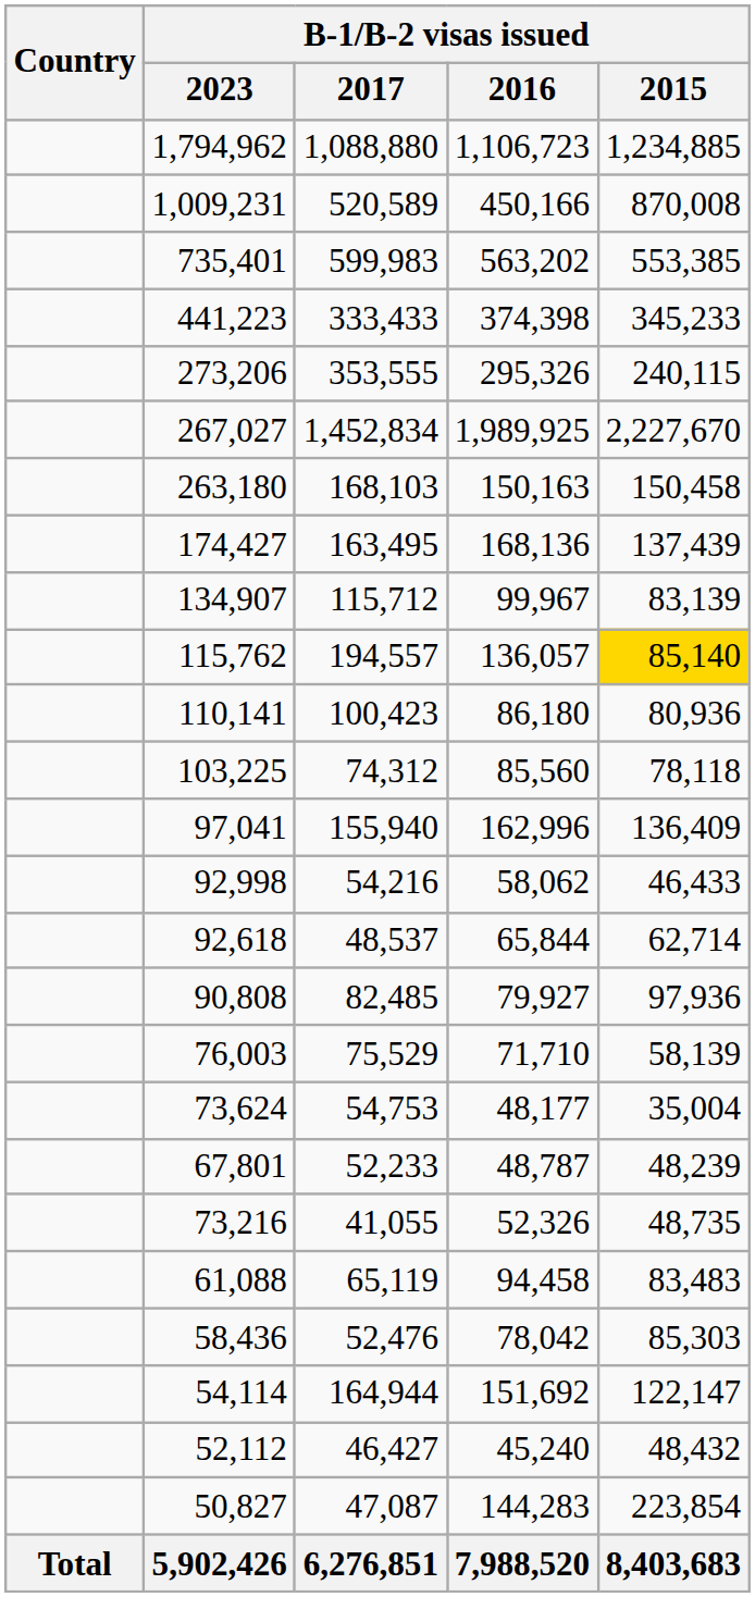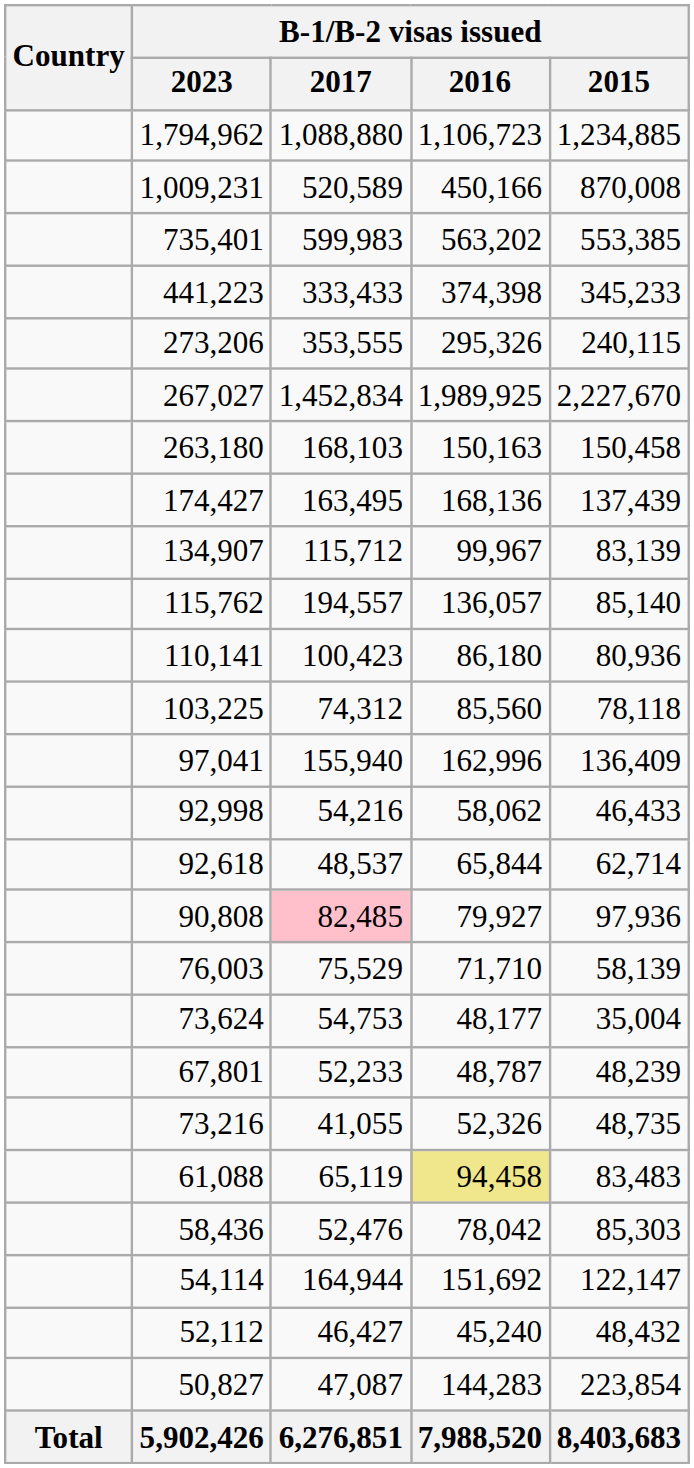 <table class="wikitable sortable" style="font-size:small; line-height:1.2">
 <tr>
 <th rowspan=2>Country</th>
 <th colspan=4>B-1/B-2 visas issued</th>
 </tr>
 <tr>
 <th>2023</th>
 <th>2017</th>
 <th>2016</th>
 <th>2015</th>
 </tr>
 <tr>
 <td></td>
 <td align=right>1,794,962</td>
 <td align=right>1,088,880</td>
 <td align=right>1,106,723</td>
 <td align=right>1,234,885</td>
 </tr>
 <tr>
 <td></td>
 <td align=right>1,009,231</td>
 <td align=right>520,589</td>
 <td align=right>450,166</td>
 <td align=right>870,008</td>
 </tr>
 <tr>
 <td></td>
 <td align=right>735,401</td>
 <td align=right>599,983</td>
 <td align=right>563,202</td>
 <td align=right>553,385</td>
 </tr>
 <tr>
 <td></td>
 <td align=right>441,223</td>
 <td align=right>333,433</td>
 <td align=right>374,398</td>
 <td align=right>345,233</td>
 </tr>
 <tr>
 <td></td>
 <td align=right>273,206</td>
 <td align=right>353,555</td>
 <td align=right>295,326</td>
 <td align=right>240,115</td>
 </tr>
 <tr>
 <td></td>
 <td align=right>267,027</td>
 <td>1,452,834</td>
 <td align=right>1,989,925</td>
 <td align=right>2,227,670</td>
 </tr>
 <tr>
 <td></td>
 <td align=right>263,180</td>
 <td align=right>168,103</td>
 <td align=right>150,163</td>
 <td align=right>150,458</td>
 </tr>
 <tr>
 <td></td>
 <td align=right>174,427</td>
 <td align=right>163,495</td>
 <td align=right>168,136</td>
 <td align=right>137,439</td>
 </tr>
 <tr>
 <td></td>
 <td align=right>134,907</td>
 <td align=right>115,712</td>
 <td align=right>99,967</td>
 <td align=right>83,139</td>
 </tr>
 <tr>
 <td></td>
 <td align=right>115,762</td>
 <td align=right>194,557</td>
 <td align=right>136,057</td>
-<td align=right style="background: gold;">85,140</td>
+<td align=right>85,140</td>
 </tr>
 <tr>
 <td></td>
 <td align=right>110,141</td>
 <td align=right>100,423</td>
 <td align=right>86,180</td>
 <td align=right>80,936</td>
 </tr>
 <tr>
 <td></td>
 <td align=right>103,225</td>
 <td align=right>74,312</td>
 <td align=right>85,560</td>
 <td align=right>78,118</td>
 </tr>
 <tr>
 <td></td>
 <td align=right>97,041</td>
 <td align=right>155,940</td>
 <td align=right>162,996</td>
 <td align=right>136,409</td>
 </tr>
 <tr>
 <td></td>
 <td align=right>92,998</td>
 <td align=right>54,216</td>
 <td align=right>58,062</td>
 <td align=right>46,433</td>
 </tr>
 <tr>
 <td></td>
 <td align=right>92,618</td>
 <td align=right>48,537</td>
 <td align=right>65,844</td>
 <td align=right>62,714</td>
 </tr>
 <tr>
 <td></td>
 <td align=right>90,808</td>
-<td align=right>82,485</td>
+<td align=right style="background: pink;">82,485</td>
 <td align=right>79,927</td>
 <td align=right>97,936</td>
 </tr>
 <tr>
 <td></td>
 <td align=right>76,003</td>
 <td align=right>75,529</td>
 <td align=right>71,710</td>
 <td align=right>58,139</td>
 </tr>
 <tr>
 <td></td>
 <td align=right>73,624</td>
 <td align=right>54,753</td>
 <td align=right>48,177</td>
 <td align=right>35,004</td>
 </tr>
 <tr>
 <td></td>
 <td align=right>67,801</td>
 <td align=right>52,233</td>
 <td align=right>48,787</td>
 <td align=right>48,239</td>
 </tr>
 <tr>
 <td></td>
 <td align=right>73,216</td>
 <td align=right>41,055</td>
 <td align=right>52,326</td>
 <td align=right>48,735</td>
 </tr>
 <tr>
 <td></td>
 <td align=right>61,088</td>
 <td align=right>65,119</td>
-<td align=right>94,458</td>
+<td align=right style="background: khaki;">94,458</td>
 <td align=right>83,483</td>
 </tr>
 <tr>
 <td></td>
 <td align=right>58,436</td>
 <td align=right>52,476</td>
 <td align=right>78,042</td>
 <td align=right>85,303</td>
 </tr>
 <tr>
 <td></td>
 <td align=right>54,114</td>
 <td align=right>164,944</td>
 <td align=right>151,692</td>
 <td align=right>122,147</td>
 </tr>
 <tr>
 <td></td>
 <td align=right>52,112</td>
 <td align=right>46,427</td>
 <td align=right>45,240</td>
 <td align=right>48,432</td>
 </tr>
 <tr>
 <td></td>
 <td align=right>50,827</td>
 <td align=right>47,087</td>
 <td align=right>144,283</td>
 <td align=right>223,854</td>
 </tr>
 <tr>
 <th>Total</th>
 <th align=right>5,902,426</th>
 <th align=right>6,276,851</th>
 <th align=right>7,988,520</th>
 <th align=right>8,403,683</th>
 </tr>
 </table>
